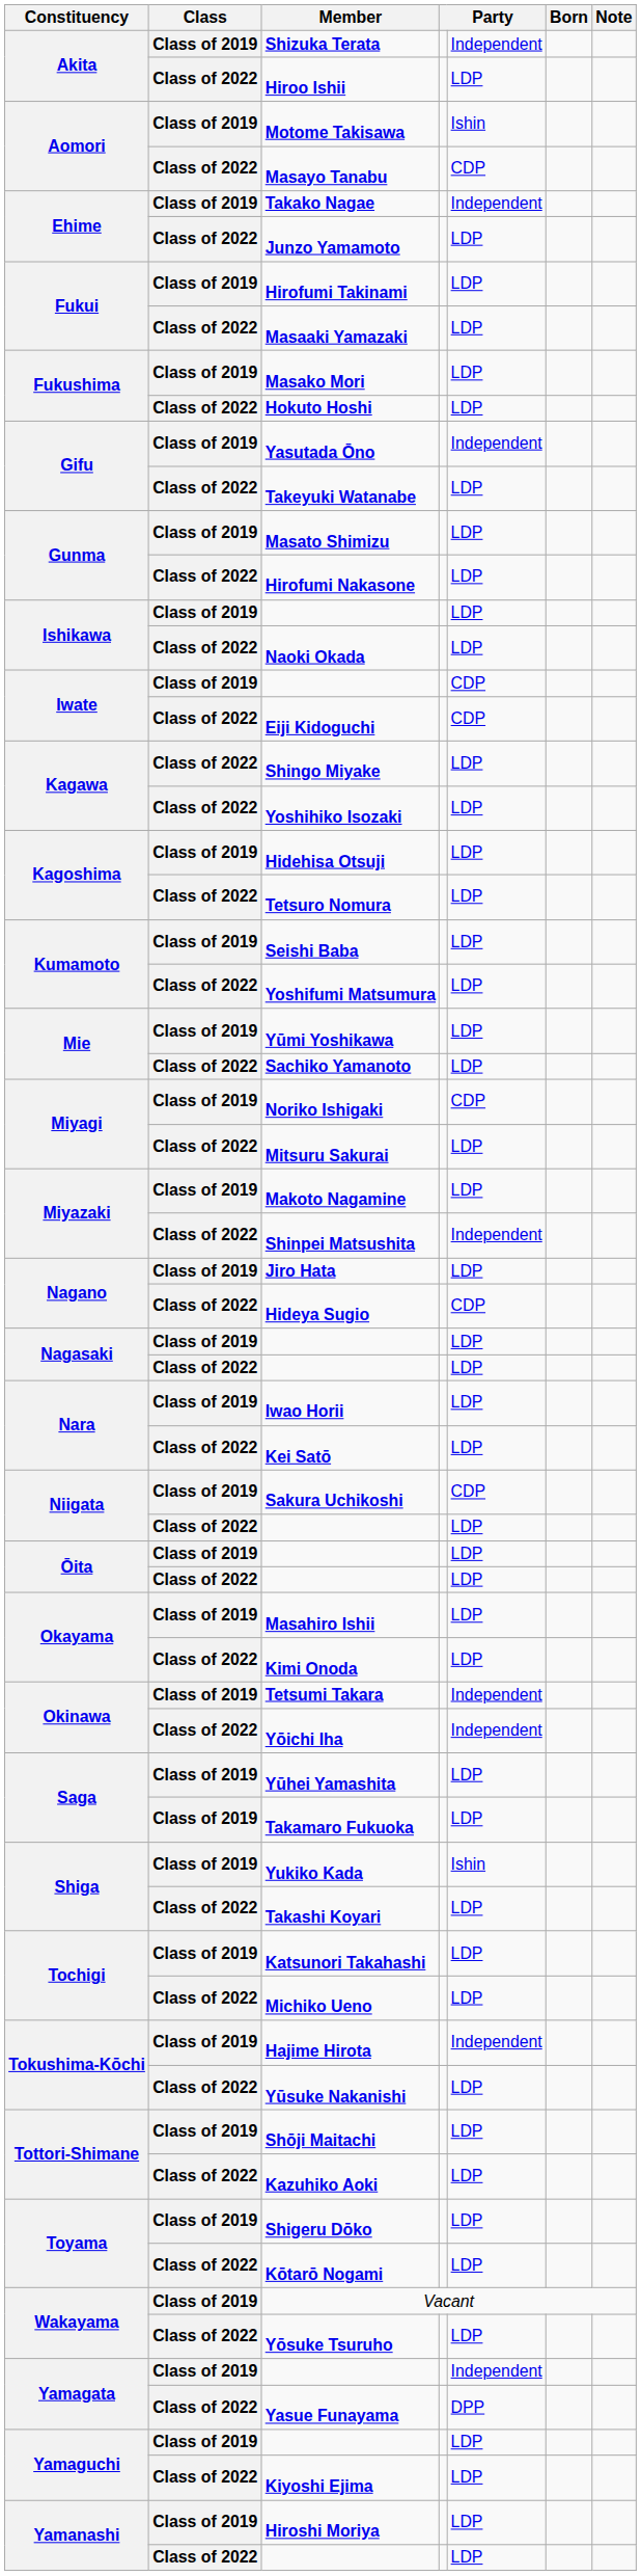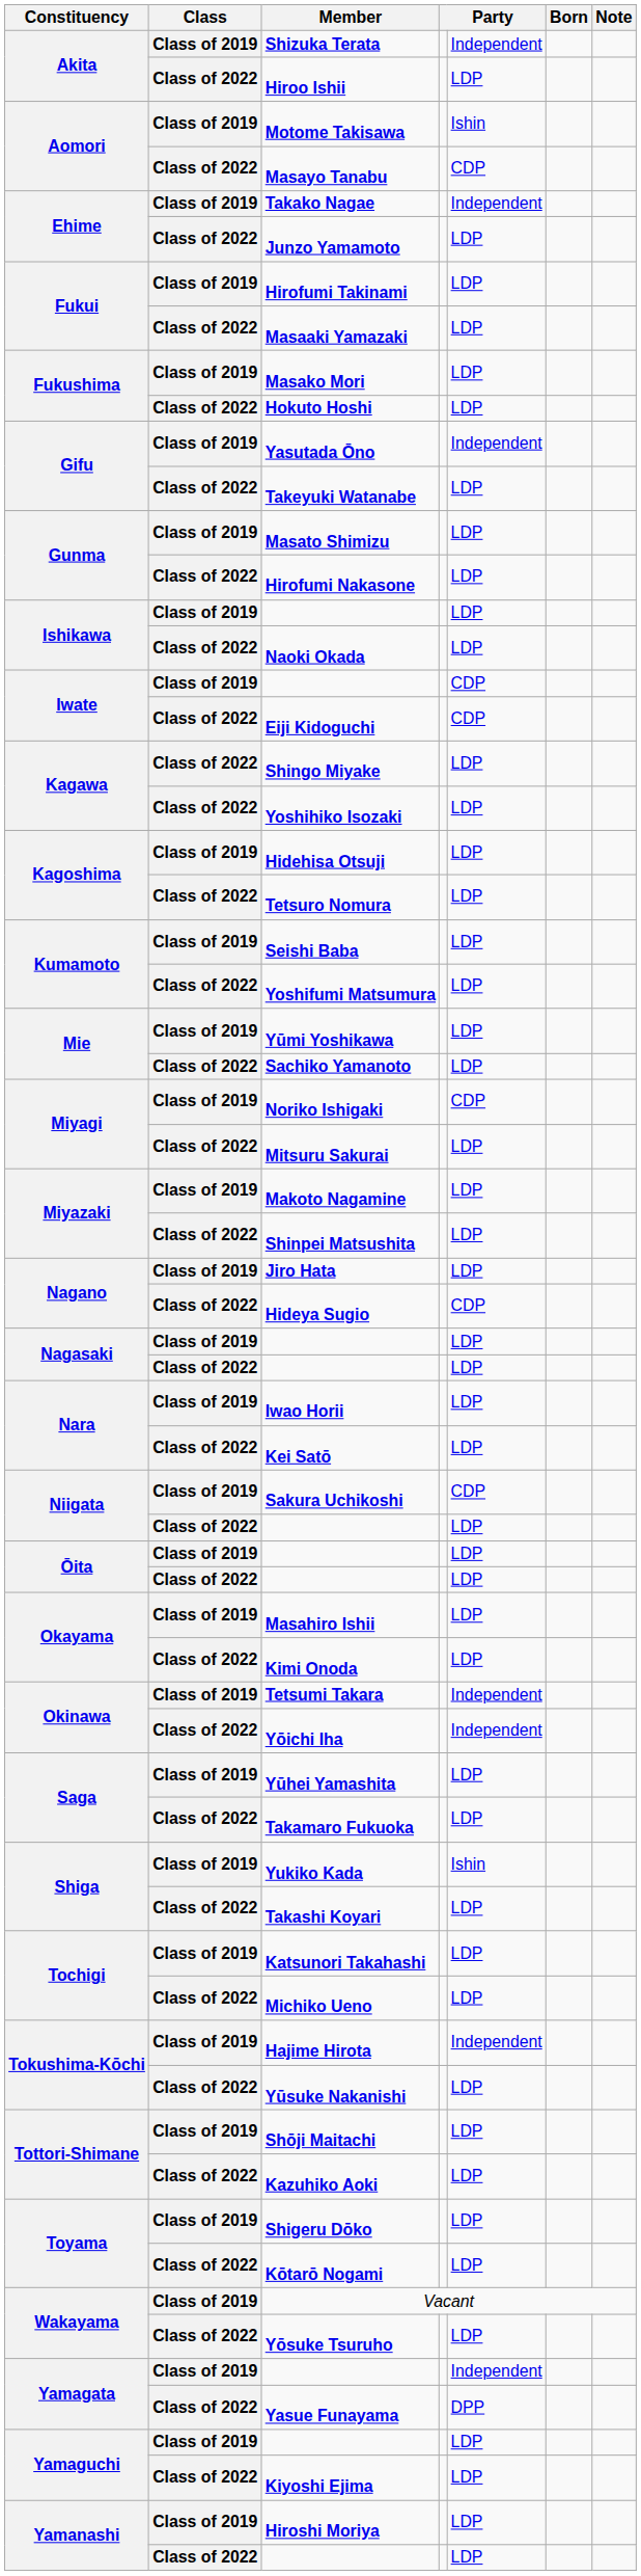 <table class="wikitable sortable plainrowheaders" id="votingmembers">
 <tr style="vertical-align:bottom">
 <th>Constituency</th>
 <th>Class</th>
 <th>Member</th>
 <th colspan=2>Party</th>
 <th>Born</th>
 <th>Note</th>
 </tr>
 <tr>
 <th rowspan=2><a href='#'>Akita</a></th>
 <th>Class of 2019</th>
 <td><strong><a href='#'>Shizuka Terata</a></strong></td>
 <td style="background-color:"></td>
 <td><a href='#'>Independent</a></td>
 <td></td>
 <td></td>
 </tr>
 <tr>
 <th>Class of 2022</th>
 <td><br><strong><a href='#'>Hiroo Ishii</a></strong></td>
 <td style="background-color:"></td>
 <td><a href='#'>LDP</a></td>
 <td></td>
 <td></td>
 </tr>
 <tr>
 <th rowspan=2><a href='#'>Aomori</a></th>
 <th>Class of 2019</th>
 <td><br><strong><a href='#'>Motome Takisawa</a></strong></td>
 <td style="background-color:"></td>
 <td><a href='#'>Ishin</a></td>
 <td></td>
 <td></td>
 </tr>
 <tr>
 <th>Class of 2022</th>
 <td><br><strong><a href='#'>Masayo Tanabu</a></strong></td>
 <td style="background-color:"></td>
 <td><a href='#'>CDP</a></td>
 <td></td>
 <td></td>
 </tr>
 <tr>
 <th rowspan=2><a href='#'>Ehime</a></th>
 <th>Class of 2019</th>
 <td><strong><a href='#'>Takako Nagae</a></strong></td>
 <td style="background-color:"></td>
 <td><a href='#'>Independent</a></td>
 <td></td>
 <td></td>
 </tr>
 <tr>
 <th>Class of 2022</th>
 <td><br><strong><a href='#'>Junzo Yamamoto</a></strong></td>
 <td style="background-color:"></td>
 <td><a href='#'>LDP</a></td>
 <td></td>
 <td></td>
 </tr>
 <tr>
 <th rowspan=2><a href='#'>Fukui</a></th>
 <th>Class of 2019</th>
 <td><br><strong><a href='#'>Hirofumi Takinami</a></strong></td>
 <td style="background-color:"></td>
 <td><a href='#'>LDP</a></td>
 <td></td>
 <td></td>
 </tr>
 <tr>
 <th>Class of 2022</th>
 <td><br><strong><a href='#'>Masaaki Yamazaki</a></strong></td>
 <td style="background-color:"></td>
 <td><a href='#'>LDP</a></td>
 <td></td>
 <td></td>
 </tr>
 <tr>
 <th rowspan=2><a href='#'>Fukushima</a></th>
 <th>Class of 2019</th>
 <td><br><strong><a href='#'>Masako Mori</a></strong></td>
 <td style="background-color:"></td>
 <td><a href='#'>LDP</a></td>
 <td></td>
 <td></td>
 </tr>
 <tr>
 <th>Class of 2022</th>
 <td><strong><a href='#'>Hokuto Hoshi</a></strong></td>
 <td style="background-color:"></td>
 <td><a href='#'>LDP</a></td>
 <td></td>
 <td></td>
 </tr>
 <tr>
 <th rowspan=2><a href='#'>Gifu</a></th>
 <th>Class of 2019</th>
 <td><br><strong><a href='#'>Yasutada Ōno</a></strong></td>
 <td style="background-color:"></td>
 <td><a href='#'>Independent</a></td>
 <td></td>
 <td></td>
 </tr>
 <tr>
 <th>Class of 2022</th>
 <td><br><strong><a href='#'>Takeyuki Watanabe</a></strong></td>
 <td style="background-color:"></td>
 <td><a href='#'>LDP</a></td>
 <td></td>
 <td></td>
 </tr>
 <tr>
 <th rowspan=2><a href='#'>Gunma</a></th>
 <th>Class of 2019</th>
 <td><br><strong><a href='#'>Masato Shimizu</a></strong></td>
 <td style="background-color:"></td>
 <td><a href='#'>LDP</a></td>
 <td></td>
 <td></td>
 </tr>
 <tr>
 <th>Class of 2022</th>
 <td><br><strong><a href='#'>Hirofumi Nakasone</a></strong></td>
 <td style="background-color:"></td>
 <td><a href='#'>LDP</a></td>
 <td></td>
 <td></td>
 </tr>
 <tr>
 <th rowspan=2><a href='#'>Ishikawa</a></th>
 <th>Class of 2019</th>
 <td><br><strong></strong></td>
 <td style="background-color:"></td>
 <td><a href='#'>LDP</a></td>
 <td></td>
 <td></td>
 </tr>
 <tr>
 <th>Class of 2022</th>
 <td><br><strong><a href='#'>Naoki Okada</a></strong></td>
 <td style="background-color:"></td>
 <td><a href='#'>LDP</a></td>
 <td></td>
 <td></td>
 </tr>
 <tr>
 <th rowspan=2><a href='#'>Iwate</a></th>
 <th>Class of 2019</th>
 <td><br><strong></strong></td>
 <td style="background-color:"></td>
 <td><a href='#'>CDP</a></td>
 <td></td>
 <td></td>
 </tr>
 <tr>
 <th>Class of 2022</th>
 <td><br><strong><a href='#'>Eiji Kidoguchi</a></strong></td>
 <td style="background-color:"></td>
 <td><a href='#'>CDP</a></td>
 <td></td>
 <td></td>
 </tr>
 <tr>
 <th rowspan=2><a href='#'>Kagawa</a></th>
 <th>Class of 2022</th>
 <td><br><strong><a href='#'>Shingo Miyake</a></strong></td>
 <td style="background-color:"></td>
 <td><a href='#'>LDP</a></td>
 <td></td>
 <td></td>
 </tr>
 <tr>
 <th>Class of 2022</th>
 <td><br><strong><a href='#'>Yoshihiko Isozaki</a></strong></td>
 <td style="background-color:"></td>
 <td><a href='#'>LDP</a></td>
 <td></td>
 <td></td>
 </tr>
 <tr>
 <th rowspan=2><a href='#'>Kagoshima</a></th>
 <th>Class of 2019</th>
 <td><br><strong><a href='#'>Hidehisa Otsuji</a></strong></td>
 <td style="background-color:"></td>
 <td><a href='#'>LDP</a></td>
 <td></td>
 <td></td>
 </tr>
 <tr>
 <th>Class of 2022</th>
 <td><br><strong><a href='#'>Tetsuro Nomura</a></strong></td>
 <td style="background-color:"></td>
 <td><a href='#'>LDP</a></td>
 <td></td>
 <td></td>
 </tr>
 <tr>
 <th rowspan=2><a href='#'>Kumamoto</a></th>
 <th>Class of 2019</th>
 <td><br><strong><a href='#'>Seishi Baba</a></strong></td>
 <td style="background-color:"></td>
 <td><a href='#'>LDP</a></td>
 <td></td>
 <td></td>
 </tr>
 <tr>
 <th>Class of 2022</th>
 <td><br><strong><a href='#'>Yoshifumi Matsumura</a></strong></td>
 <td style="background-color:"></td>
 <td><a href='#'>LDP</a></td>
 <td></td>
 <td></td>
 </tr>
 <tr>
 <th rowspan=2><a href='#'>Mie</a></th>
 <th>Class of 2019</th>
 <td><br><strong><a href='#'>Yūmi Yoshikawa</a></strong></td>
 <td style="background-color:"></td>
 <td><a href='#'>LDP</a></td>
 <td></td>
 <td></td>
 </tr>
 <tr>
 <th>Class of 2022</th>
 <td><strong><a href='#'>Sachiko Yamanoto</a></strong></td>
 <td style="background-color:"></td>
 <td><a href='#'>LDP</a></td>
 <td></td>
 <td></td>
 </tr>
 <tr>
 <th rowspan=2><a href='#'>Miyagi</a></th>
 <th>Class of 2019</th>
 <td><br><strong><a href='#'>Noriko Ishigaki</a></strong></td>
 <td style="background-color:"></td>
 <td><a href='#'>CDP</a></td>
 <td></td>
 <td></td>
 </tr>
 <tr>
 <th>Class of 2022</th>
 <td><br><strong><a href='#'>Mitsuru Sakurai</a></strong></td>
 <td style="background-color:"></td>
 <td><a href='#'>LDP</a></td>
 <td></td>
 <td></td>
 </tr>
 <tr>
 <th rowspan=2><a href='#'>Miyazaki</a></th>
 <th>Class of 2019</th>
 <td><br><strong><a href='#'>Makoto Nagamine</a></strong></td>
 <td style="background-color:"></td>
 <td><a href='#'>LDP</a></td>
 <td></td>
 <td></td>
 </tr>
 <tr>
 <th>Class of 2022</th>
 <td><br><strong><a href='#'>Shinpei Matsushita</a></strong></td>
 <td style="background-color:"></td>
-<td><a href='#'>Independent</a></td>
+<td><a href='#'>LDP</a></td>
 <td></td>
 <td></td>
 </tr>
 <tr>
 <th rowspan=2><a href='#'>Nagano</a></th>
 <th>Class of 2019</th>
 <td><strong><a href='#'>Jiro Hata</a></strong></td>
 <td style="background-color:"></td>
 <td><a href='#'>LDP</a></td>
 <td></td>
 <td></td>
 </tr>
 <tr>
 <th>Class of 2022</th>
 <td><br><strong><a href='#'>Hideya Sugio</a></strong></td>
 <td style="background-color:"></td>
 <td><a href='#'>CDP</a></td>
 <td></td>
 <td></td>
 </tr>
 <tr>
 <th rowspan=2><a href='#'>Nagasaki</a></th>
 <th>Class of 2019</th>
 <td><br><strong></strong></td>
 <td style="background-color:"></td>
 <td><a href='#'>LDP</a></td>
 <td></td>
 <td></td>
 </tr>
 <tr>
 <th>Class of 2022</th>
 <td><br><strong></strong></td>
 <td style="background-color:"></td>
 <td><a href='#'>LDP</a></td>
 <td></td>
 <td></td>
 </tr>
 <tr>
 <th rowspan=2><a href='#'>Nara</a></th>
 <th>Class of 2019</th>
 <td><br><strong><a href='#'>Iwao Horii</a></strong></td>
 <td style="background-color:"></td>
 <td><a href='#'>LDP</a></td>
 <td></td>
 <td></td>
 </tr>
 <tr>
 <th>Class of 2022</th>
 <td><br><strong><a href='#'>Kei Satō</a></strong></td>
 <td style="background-color:"></td>
 <td><a href='#'>LDP</a></td>
 <td></td>
 <td></td>
 </tr>
 <tr>
 <th rowspan=2><a href='#'>Niigata</a></th>
 <th>Class of 2019</th>
 <td><br><strong><a href='#'>Sakura Uchikoshi</a></strong></td>
 <td style="background-color:"></td>
 <td><a href='#'>CDP</a></td>
 <td></td>
 <td></td>
 </tr>
 <tr>
 <th>Class of 2022</th>
 <td><br><strong></strong></td>
 <td style="background-color:"></td>
 <td><a href='#'>LDP</a></td>
 <td></td>
 <td></td>
 </tr>
 <tr>
 <th rowspan=2><a href='#'>Ōita</a></th>
 <th>Class of 2019</th>
 <td><br><strong></strong></td>
 <td style="background-color:"></td>
 <td><a href='#'>LDP</a></td>
 <td></td>
 <td></td>
 </tr>
 <tr>
 <th>Class of 2022</th>
 <td><br><strong></strong></td>
 <td style="background-color:"></td>
 <td><a href='#'>LDP</a></td>
 <td></td>
 <td></td>
 </tr>
 <tr>
 <th rowspan=2><a href='#'>Okayama</a></th>
 <th>Class of 2019</th>
 <td><br><strong><a href='#'>Masahiro Ishii</a></strong></td>
 <td style="background-color:"></td>
 <td><a href='#'>LDP</a></td>
 <td></td>
 <td></td>
 </tr>
 <tr>
 <th>Class of 2022</th>
 <td><br><strong><a href='#'>Kimi Onoda</a></strong></td>
 <td style="background-color:"></td>
 <td><a href='#'>LDP</a></td>
 <td></td>
 <td></td>
 </tr>
 <tr>
 <th rowspan=2><a href='#'>Okinawa</a></th>
 <th>Class of 2019</th>
 <td><strong><a href='#'>Tetsumi Takara</a></strong></td>
 <td style="background-color:"></td>
 <td><a href='#'>Independent</a></td>
 <td></td>
 <td></td>
 </tr>
 <tr>
 <th>Class of 2022</th>
 <td><br><strong><a href='#'>Yōichi Iha</a></strong></td>
 <td style="background-color:"></td>
 <td><a href='#'>Independent</a></td>
 <td></td>
 <td></td>
 </tr>
 <tr>
 <th rowspan=2><a href='#'>Saga</a></th>
 <th>Class of 2019</th>
 <td><br><strong><a href='#'>Yūhei Yamashita</a></strong></td>
 <td style="background-color:"></td>
 <td><a href='#'>LDP</a></td>
 <td></td>
 <td></td>
 </tr>
 <tr>
-<th>Class of 2019</th>
+<th>Class of 2022</th>
 <td><br><strong><a href='#'>Takamaro Fukuoka</a></strong></td>
 <td style="background-color:"></td>
 <td><a href='#'>LDP</a></td>
 <td></td>
 <td></td>
 </tr>
 <tr>
 <th rowspan=2><a href='#'>Shiga</a></th>
 <th>Class of 2019</th>
 <td><br><strong><a href='#'>Yukiko Kada</a></strong></td>
 <td style="background-color:"></td>
 <td><a href='#'>Ishin</a></td>
 <td></td>
 <td></td>
 </tr>
 <tr>
 <th>Class of 2022</th>
 <td><br><strong><a href='#'>Takashi Koyari</a></strong></td>
 <td style="background-color:"></td>
 <td><a href='#'>LDP</a></td>
 <td></td>
 <td></td>
 </tr>
 <tr>
 <th rowspan=2><a href='#'>Tochigi</a></th>
 <th>Class of 2019</th>
 <td><br><strong><a href='#'>Katsunori Takahashi</a></strong></td>
 <td style="background-color:"></td>
 <td><a href='#'>LDP</a></td>
 <td></td>
 <td></td>
 </tr>
 <tr>
 <th>Class of 2022</th>
 <td><br><strong><a href='#'>Michiko Ueno</a></strong></td>
 <td style="background-color:"></td>
 <td><a href='#'>LDP</a></td>
 <td></td>
 <td></td>
 </tr>
 <tr>
 <th rowspan=2><a href='#'>Tokushima-Kōchi</a></th>
 <th>Class of 2019</th>
 <td><br><strong><a href='#'>Hajime Hirota</a></strong></td>
 <td style="background-color:"></td>
 <td><a href='#'>Independent</a></td>
 <td></td>
 <td></td>
 </tr>
 <tr>
 <th>Class of 2022</th>
 <td><br><strong><a href='#'>Yūsuke Nakanishi</a></strong></td>
 <td style="background-color:"></td>
 <td><a href='#'>LDP</a></td>
 <td></td>
 <td></td>
 </tr>
 <tr>
 <th rowspan=2><a href='#'>Tottori-Shimane</a></th>
 <th>Class of 2019</th>
 <td><br><strong><a href='#'>Shōji Maitachi</a></strong></td>
 <td style="background-color:"></td>
 <td><a href='#'>LDP</a></td>
 <td></td>
 <td></td>
 </tr>
 <tr>
 <th>Class of 2022</th>
 <td><br><strong><a href='#'>Kazuhiko Aoki</a></strong></td>
 <td style="background-color:"></td>
 <td><a href='#'>LDP</a></td>
 <td></td>
 <td></td>
 </tr>
 <tr>
 <th rowspan=2><a href='#'>Toyama</a></th>
 <th>Class of 2019</th>
 <td><br><strong><a href='#'>Shigeru Dōko</a></strong></td>
 <td style="background-color:"></td>
 <td><a href='#'>LDP</a></td>
 <td></td>
 <td></td>
 </tr>
 <tr>
 <th>Class of 2022</th>
 <td><br><strong><a href='#'>Kōtarō Nogami</a></strong></td>
 <td style="background-color:"></td>
 <td><a href='#'>LDP</a></td>
 <td></td>
 <td></td>
 </tr>
 <tr>
 <th rowspan=2><a href='#'>Wakayama</a></th>
 <th>Class of 2019</th>
 <td colspan=5 style="text-align:center;"><em>Vacant</em></td>
 </tr>
 <tr>
 <th>Class of 2022</th>
 <td><br><strong><a href='#'>Yōsuke Tsuruho</a></strong></td>
 <td style="background-color:"></td>
 <td><a href='#'>LDP</a></td>
 <td></td>
 <td></td>
 </tr>
 <tr>
 <th rowspan=2><a href='#'>Yamagata</a></th>
 <th>Class of 2019</th>
 <td><br><strong></strong></td>
 <td style="background-color:"></td>
 <td><a href='#'>Independent</a></td>
 <td></td>
 <td></td>
 </tr>
 <tr>
 <th>Class of 2022</th>
 <td><br><strong><a href='#'>Yasue Funayama</a></strong></td>
 <td style="background-color:"></td>
 <td><a href='#'>DPP</a></td>
 <td></td>
 <td></td>
 </tr>
 <tr>
 <th rowspan=2><a href='#'>Yamaguchi</a></th>
 <th>Class of 2019</th>
 <td><br><strong></strong></td>
 <td style="background-color:"></td>
 <td><a href='#'>LDP</a></td>
 <td></td>
 <td></td>
 </tr>
 <tr>
 <th>Class of 2022</th>
 <td><br><strong><a href='#'>Kiyoshi Ejima</a></strong></td>
 <td style="background-color:"></td>
 <td><a href='#'>LDP</a></td>
 <td></td>
 <td></td>
 </tr>
 <tr>
 <th rowspan=2><a href='#'>Yamanashi</a></th>
 <th>Class of 2019</th>
 <td><br><strong><a href='#'>Hiroshi Moriya</a></strong></td>
 <td style="background-color:"></td>
 <td><a href='#'>LDP</a></td>
 <td></td>
 <td></td>
 </tr>
 <tr>
 <th>Class of 2022</th>
 <td><strong></strong></td>
 <td style="background-color:"></td>
 <td><a href='#'>LDP</a></td>
 <td></td>
 <td></td>
 </tr>
 </table>
